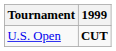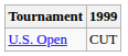 <table class="wikitable" style="font-size:95%;text-align:center;">
 <tr>
 <th>Tournament</th>
 <th>1999</th>
 </tr>
 <tr>
 <td align=left><a href='#'>U.S. Open</a></td>
-<td><strong>CUT</strong></td>
+<td>CUT</td>
 </tr>
 </table>
